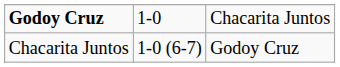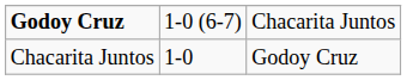 <table class="wikitable">
 <tr>
 </tr>
 <tr>
 <td><strong>Godoy Cruz</strong></td>
-<td>1-0</td>
+<td>1-0 (6-7)</td>
 <td>Chacarita Juntos</td>
 </tr>
 <tr>
 <td>Chacarita Juntos</td>
-<td>1-0 (6-7)</td>
+<td>1-0</td>
 <td>Godoy Cruz</td>
 </tr>
 </table>
